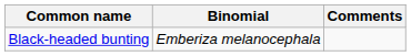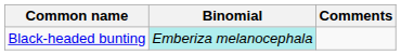 <table class="wikitable">
 <tr>
 <th>Common name</th>
 <th>Binomial</th>
 <th>Comments</th>
 </tr>
 <tr>
 <td><a href='#'>Black-headed bunting</a></td>
-<td><em>Emberiza melanocephala</em></td>
+<td style="background: paleturquoise;"><em>Emberiza melanocephala</em></td>
 </tr>
 </table>
